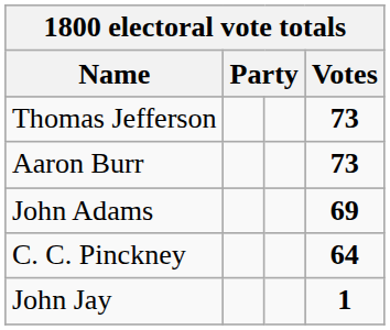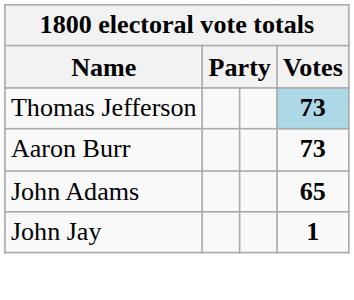 <table class="wikitable sortable floatright" style="margin-left: 1em">
 <tr>
 <th colspan="4">1800 electoral vote totals</th>
 </tr>
 <tr a>
 <th>Name</th>
 <th colspan=2>Party</th>
 <th>Votes</th>
 </tr>
 <tr>
 <td>Thomas Jefferson</td>
 <td style="background-color:"></td>
 <td></td>
-<td style="text-align:center;"><strong>73</strong></td>
+<td style="background: lightblue; text-align:center;"><strong>73</strong></td>
 </tr>
 <tr>
 <td>Aaron Burr</td>
 <td style="background-color:"></td>
 <td></td>
 <td style="text-align:center;"><strong>73</strong></td>
 </tr>
 <tr>
 <td>John Adams</td>
 <td style="background-color:"></td>
 <td></td>
-<td style="text-align:center;"><strong>69</strong></td>
-</tr>
-<tr>
-<td>C. C. Pinckney</td>
-<td style="background-color:"></td>
-<td></td>
-<td style="text-align:center;"><strong>64</strong></td>
+<td style="text-align:center;"><strong>65</strong></td>
 </tr>
 <tr>
 <td>John Jay</td>
 <td style="background-color:"></td>
 <td></td>
 <td style="text-align:center;"><strong>1</strong></td>
 </tr>
 </table>
